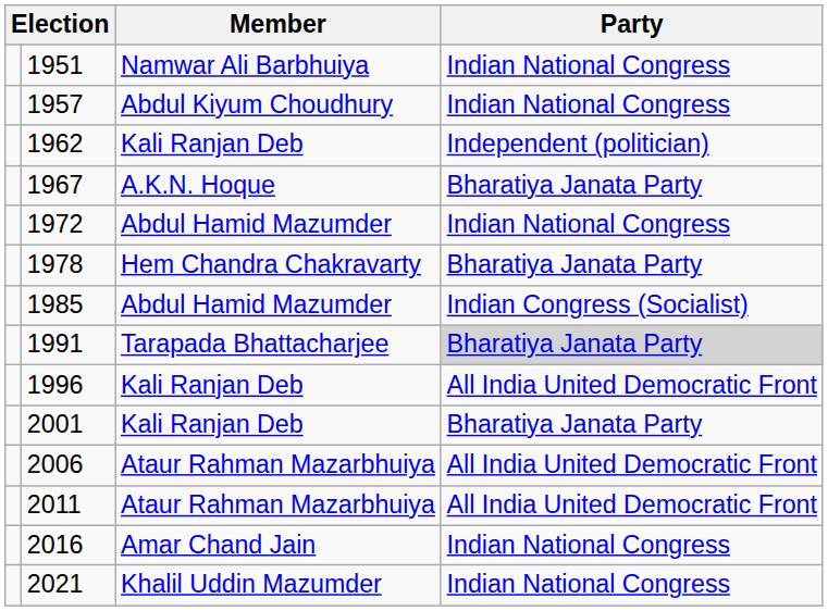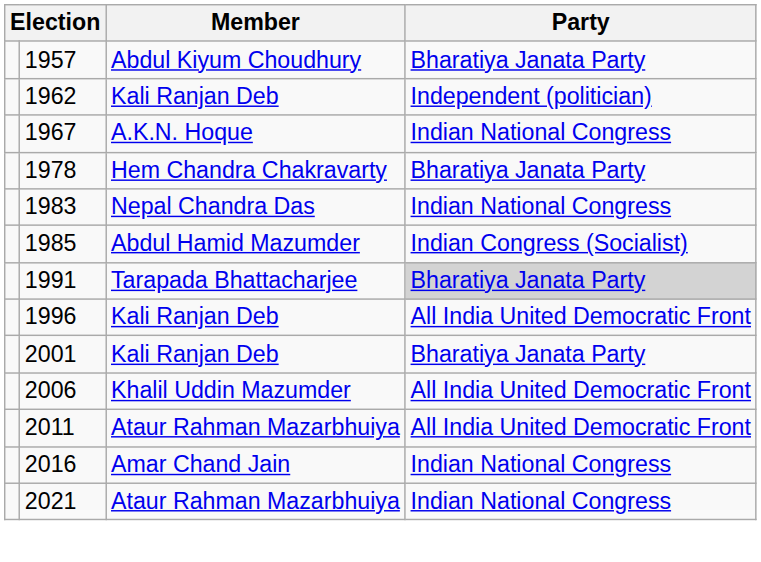 <table class="wikitable">
 <tr>
 <th colspan="2">Election</th>
 <th>Member</th>
 <th>Party</th>
 </tr>
 <tr>
 <td style="background-color: "></td>
-<td>1951</td>
-<td><a href='#'>Namwar Ali Barbhuiya</a></td>
-<td><a href='#'>Indian National Congress</a></td>
-</tr>
-<tr>
-<td style="background-color: "></td>
 <td>1957</td>
 <td><a href='#'>Abdul Kiyum Choudhury</a></td>
-<td><a href='#'>Indian National Congress</a></td>
+<td><a href='#'>Bharatiya Janata Party</a></td>
 </tr>
 <tr>
 <td style="background-color: "></td>
 <td>1962</td>
 <td><a href='#'>Kali Ranjan Deb</a></td>
 <td><a href='#'>Independent (politician)</a></td>
 </tr>
 <tr>
 <td style="background-color: "></td>
 <td>1967</td>
 <td><a href='#'>A.K.N. Hoque</a></td>
-<td><a href='#'>Bharatiya Janata Party</a></td>
-</tr>
-<tr>
-<td style="background-color: "></td>
-<td>1972</td>
-<td><a href='#'>Abdul Hamid Mazumder</a></td>
 <td><a href='#'>Indian National Congress</a></td>
 </tr>
 <tr>
 <td style="background-color: "></td>
 <td>1978</td>
 <td><a href='#'>Hem Chandra Chakravarty</a></td>
 <td><a href='#'>Bharatiya Janata Party</a></td>
+</tr>
+<tr>
+<td style="background-color: "></td>
+<td>1983</td>
+<td><a href='#'>Nepal Chandra Das</a></td>
+<td><a href='#'>Indian National Congress</a></td>
 </tr>
 <tr>
 <td style="background-color: "></td>
 <td>1985</td>
 <td><a href='#'>Abdul Hamid Mazumder</a></td>
 <td><a href='#'>Indian Congress (Socialist)</a></td>
 </tr>
 <tr>
 <td style="background-color: "></td>
 <td>1991</td>
 <td><a href='#'>Tarapada Bhattacharjee</a></td>
 <td style="background: lightgrey;"><a href='#'>Bharatiya Janata Party</a></td>
 </tr>
 <tr>
 <td style="background-color: "></td>
 <td>1996</td>
 <td><a href='#'>Kali Ranjan Deb</a></td>
 <td><a href='#'>All India United Democratic Front</a></td>
 </tr>
 <tr>
 <td style="background-color: "></td>
 <td>2001</td>
 <td><a href='#'>Kali Ranjan Deb</a></td>
 <td><a href='#'>Bharatiya Janata Party</a></td>
 </tr>
 <tr>
 <td style="background-color: "></td>
 <td>2006</td>
-<td><a href='#'>Ataur Rahman Mazarbhuiya</a></td>
+<td><a href='#'>Khalil Uddin Mazumder</a></td>
 <td><a href='#'>All India United Democratic Front</a></td>
 </tr>
 <tr>
 <td style="background-color: "></td>
 <td>2011</td>
 <td><a href='#'>Ataur Rahman Mazarbhuiya</a></td>
 <td><a href='#'>All India United Democratic Front</a></td>
 </tr>
 <tr>
 <td style="background-color: "></td>
 <td>2016</td>
 <td><a href='#'>Amar Chand Jain</a></td>
 <td><a href='#'>Indian National Congress</a></td>
 </tr>
 <tr>
 <td style="background-color: "></td>
 <td>2021</td>
-<td><a href='#'>Khalil Uddin Mazumder</a></td>
+<td><a href='#'>Ataur Rahman Mazarbhuiya</a></td>
 <td><a href='#'>Indian National Congress</a></td>
 </tr>
 </table>
